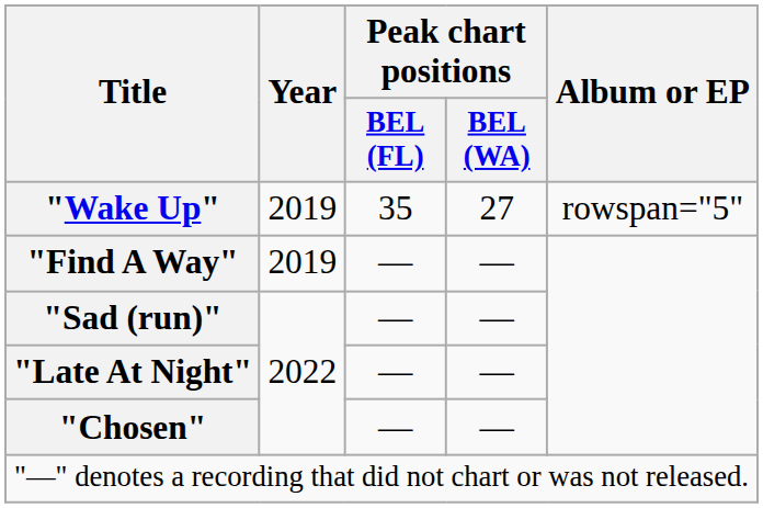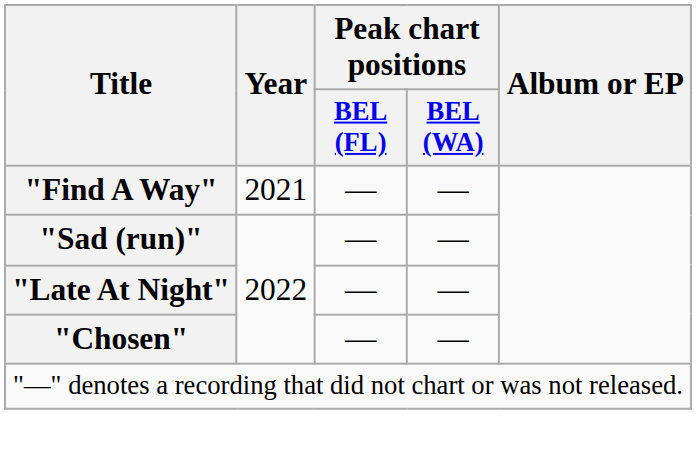 <table class="wikitable plainrowheaders" style="text-align:center;">
 <tr>
 <th scope="col" rowspan="2">Title</th>
 <th scope="col" rowspan="2">Year</th>
 <th scope="col" colspan="2">Peak chart positions</th>
 <th scope="col" rowspan="2">Album or EP</th>
 </tr>
 <tr>
 <th scope="col" style="width:3em;font-size:85%;"><a href='#'>BEL<br>(FL)</a><br></th>
 <th scope="col" style="width:3em;font-size:85%;"><a href='#'>BEL<br>(WA)</a><br></th>
 </tr>
 <tr>
-<th scope="row">"<a href='#'>Wake Up</a>"</th>
-<td>2019</td>
-<td>35</td>
-<td>27</td>
-<td>rowspan="5" </td>
-</tr>
-<tr>
 <th scope="row">"Find A Way"</th>
-<td>2019</td>
+<td>2021</td>
 <td>—</td>
 <td>—</td>
 </tr>
 <tr>
 <th scope="row">"Sad (run)"</th>
 <td rowspan="3">2022</td>
 <td>—</td>
 <td>—</td>
 </tr>
 <tr>
 <th scope="row">"Late At Night"</th>
 <td>—</td>
 <td>—</td>
 </tr>
 <tr>
 <th scope="row">"Chosen"</th>
 <td>—</td>
 <td>—</td>
 </tr>
 <tr>
 <td colspan="5" style="font-size:85%;">"—" denotes a recording that did not chart or was not released.</td>
 </tr>
 </table>
